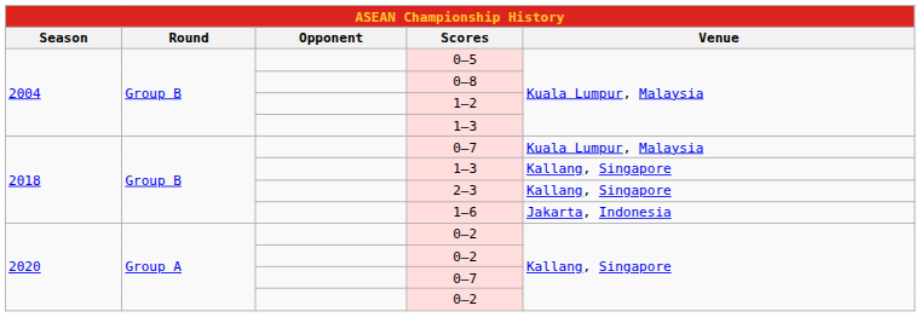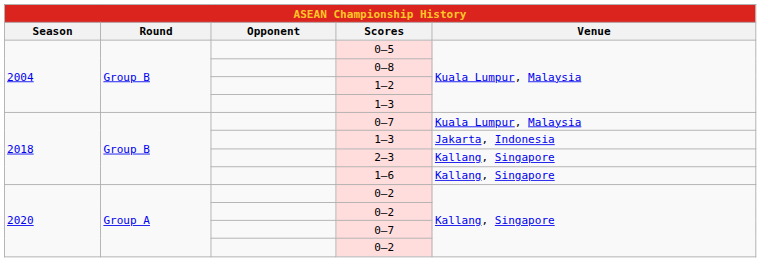 <table class="wikitable collapsible collapsed" style="text-align:center, font-size:90%; width:70%;">
 <tr>
 <th colspan="6" style="background:#DC241F; color:#FFC726">ASEAN Championship History</th>
 </tr>
 <tr>
 <th>Season</th>
 <th>Round</th>
 <th>Opponent</th>
 <th>Scores</th>
 <th>Venue</th>
 </tr>
 <tr>
 <td rowspan="4"><a href='#'>2004</a></td>
 <td rowspan="4"><a href='#'>Group B</a></td>
 <td style="text-align:left"></td>
 <td style="background:#fdd;" align=center>0–5</td>
 <td rowspan="4"> <a href='#'>Kuala Lumpur</a>, <a href='#'>Malaysia</a></td>
 </tr>
 <tr>
 <td style="text-align:left"></td>
 <td style="background:#fdd;" align=center>0–8</td>
 </tr>
 <tr>
 <td style="text-align:left"></td>
 <td style="background:#fdd;" align=center>1–2</td>
 </tr>
 <tr>
 <td style="text-align:left"></td>
 <td style="background:#fdd;" align=center>1–3</td>
 </tr>
 <tr>
 <td rowspan="4"><a href='#'>2018</a></td>
 <td rowspan="4"><a href='#'>Group B</a></td>
 <td style="text-align:left"></td>
 <td style="background:#fdd;" align=center>0–7</td>
 <td> <a href='#'>Kuala Lumpur</a>, <a href='#'>Malaysia</a></td>
 </tr>
 <tr>
 <td style="text-align:left"></td>
 <td style="background:#fdd;" align=center>1–3</td>
-<td> <a href='#'>Kallang</a>, <a href='#'>Singapore</a></td>
+<td> <a href='#'>Jakarta</a>, <a href='#'>Indonesia</a></td>
 </tr>
 <tr>
 <td style="text-align:left"></td>
 <td style="background:#fdd;" align=center>2–3</td>
 <td> <a href='#'>Kallang</a>, <a href='#'>Singapore</a></td>
 </tr>
 <tr>
 <td style="text-align:left"></td>
 <td style="background:#fdd;" align=center>1–6</td>
-<td> <a href='#'>Jakarta</a>, <a href='#'>Indonesia</a></td>
+<td> <a href='#'>Kallang</a>, <a href='#'>Singapore</a></td>
 </tr>
 <tr>
 <td rowspan="4"><a href='#'>2020</a></td>
 <td rowspan="4"><a href='#'>Group A</a></td>
 <td style="text-align:left"></td>
 <td style="background:#fdd;" align=center>0–2</td>
 <td rowspan="4"> <a href='#'>Kallang</a>, <a href='#'>Singapore</a></td>
 </tr>
 <tr>
 <td style="text-align:left"></td>
 <td style="background:#fdd;" align=center>0–2</td>
 </tr>
 <tr>
 <td style="text-align:left"></td>
 <td style="background:#fdd;" align=center>0–7</td>
 </tr>
 <tr>
 <td style="text-align:left"></td>
 <td style="background:#fdd;" align=center>0–2</td>
 </tr>
 </table>
